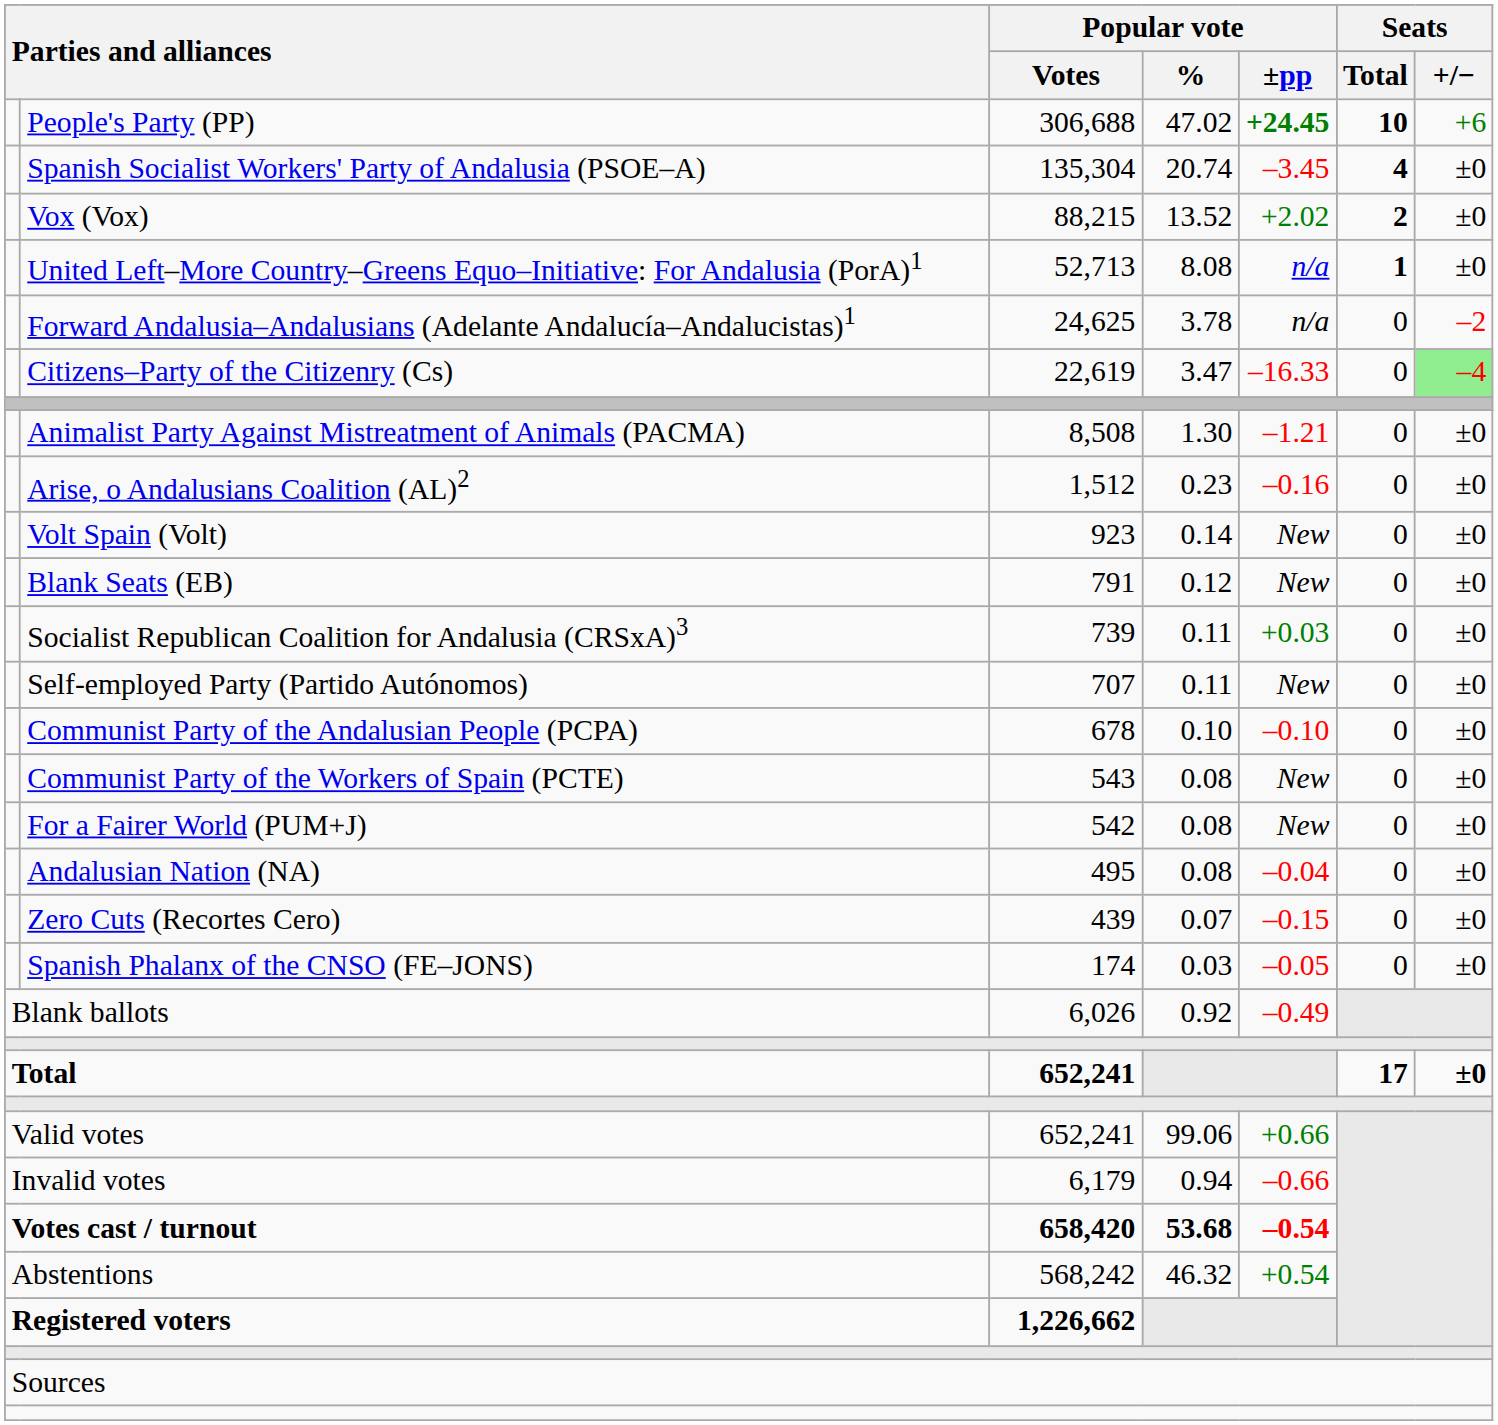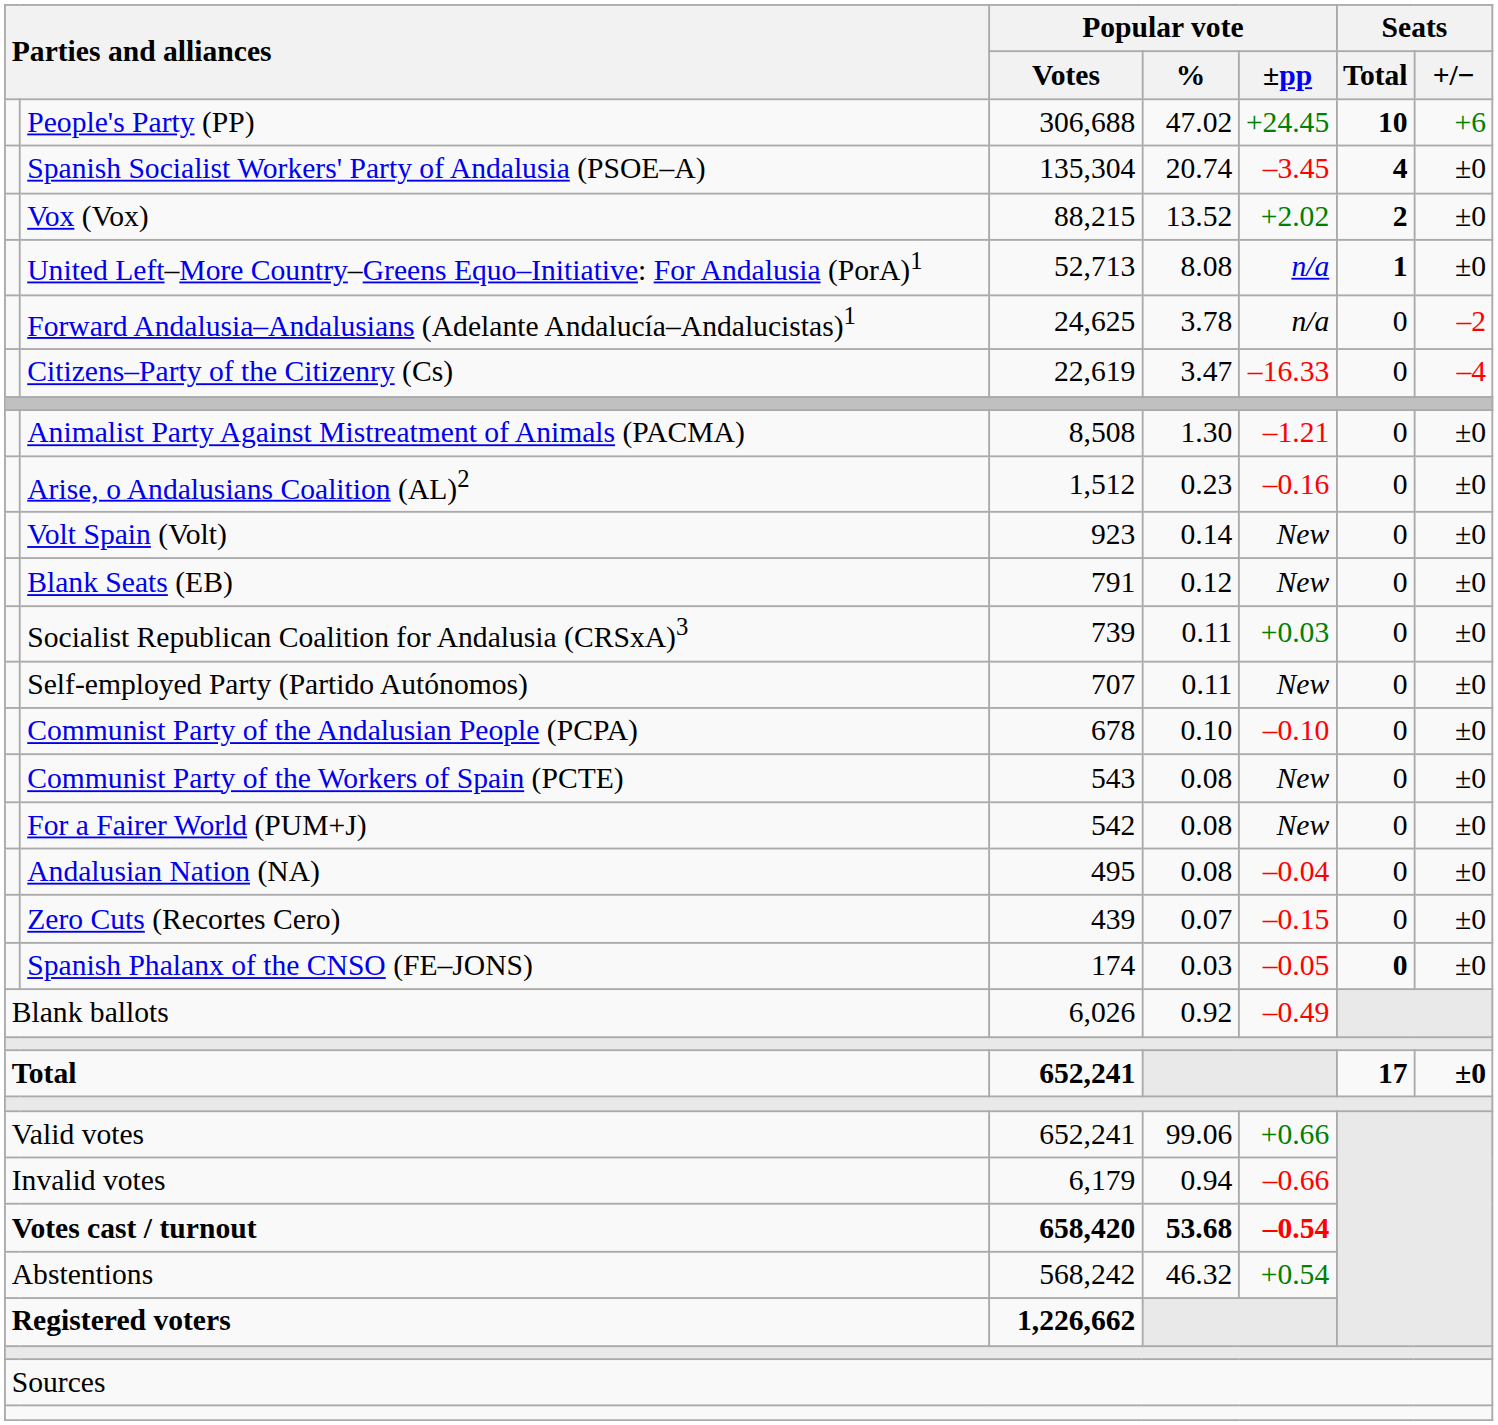 <table class="wikitable" style="text-align:right;">
 <tr>
 <th style="text-align:left;" rowspan="2" colspan="2" width="525">Parties and alliances</th>
 <th colspan="3">Popular vote</th>
 <th colspan="2">Seats</th>
 </tr>
 <tr>
 <th width="75">Votes</th>
 <th width="45">%</th>
 <th width="45">±<a href='#'>pp</a></th>
 <th width="35">Total</th>
 <th width="35">+/−</th>
 </tr>
 <tr>
 <td width="1" style="color:inherit;background:"></td>
 <td align="left"><a href='#'>People's Party</a> (PP)</td>
 <td>306,688</td>
 <td>47.02</td>
-<td style="color:green;"><strong>+24.45</strong></td>
+<td style="color:green;">+24.45</td>
 <td><strong>10</strong></td>
 <td style="color:green;">+6</td>
 </tr>
 <tr>
 <td style="color:inherit;background:"></td>
 <td align="left"><a href='#'>Spanish Socialist Workers' Party of Andalusia</a> (PSOE–A)</td>
 <td>135,304</td>
 <td>20.74</td>
 <td style="color:red;">–3.45</td>
 <td><strong>4</strong></td>
 <td>±0</td>
 </tr>
 <tr>
 <td style="color:inherit;background:"></td>
 <td align="left"><a href='#'>Vox</a> (Vox)</td>
 <td>88,215</td>
 <td>13.52</td>
 <td style="color:green;">+2.02</td>
 <td><strong>2</strong></td>
 <td>±0</td>
 </tr>
 <tr>
 <td style="color:inherit;background:"></td>
 <td align="left"><a href='#'>United Left</a>–<a href='#'>More Country</a>–<a href='#'>Greens Equo–Initiative</a>: <a href='#'>For Andalusia</a> (PorA)<sup>1</sup></td>
 <td>52,713</td>
 <td>8.08</td>
 <td><em><a href='#'>n/a</a></em></td>
 <td><strong>1</strong></td>
 <td>±0</td>
 </tr>
 <tr>
 <td style="color:inherit;background:"></td>
 <td align="left"><a href='#'>Forward Andalusia–Andalusians</a> (Adelante Andalucía–Andalucistas)<sup>1</sup></td>
 <td>24,625</td>
 <td>3.78</td>
 <td><em>n/a</em></td>
 <td>0</td>
 <td style="color:red;">–2</td>
 </tr>
 <tr>
 <td style="color:inherit;background:"></td>
 <td align="left"><a href='#'>Citizens–Party of the Citizenry</a> (Cs)</td>
 <td>22,619</td>
 <td>3.47</td>
 <td style="color:red;">–16.33</td>
 <td>0</td>
-<td style="background: lightgreen; color:red;">–4</td>
+<td style="color:red;">–4</td>
 </tr>
 <tr>
 <td colspan="7" bgcolor="#C0C0C0"></td>
 </tr>
 <tr>
 <td style="color:inherit;background:"></td>
 <td align="left"><a href='#'>Animalist Party Against Mistreatment of Animals</a> (PACMA)</td>
 <td>8,508</td>
 <td>1.30</td>
 <td style="color:red;">–1.21</td>
 <td>0</td>
 <td>±0</td>
 </tr>
 <tr>
 <td style="color:inherit;background:"></td>
 <td align="left"><a href='#'>Arise, o Andalusians Coalition</a> (AL)<sup>2</sup></td>
 <td>1,512</td>
 <td>0.23</td>
 <td style="color:red;">–0.16</td>
 <td>0</td>
 <td>±0</td>
 </tr>
 <tr>
 <td style="color:inherit;background:"></td>
 <td align="left"><a href='#'>Volt Spain</a> (Volt)</td>
 <td>923</td>
 <td>0.14</td>
 <td><em>New</em></td>
 <td>0</td>
 <td>±0</td>
 </tr>
 <tr>
 <td style="color:inherit;background:"></td>
 <td align="left"><a href='#'>Blank Seats</a> (EB)</td>
 <td>791</td>
 <td>0.12</td>
 <td><em>New</em></td>
 <td>0</td>
 <td>±0</td>
 </tr>
 <tr>
 <td style="color:inherit;background:"></td>
 <td align="left">Socialist Republican Coalition for Andalusia (CRSxA)<sup>3</sup></td>
 <td>739</td>
 <td>0.11</td>
 <td style="color:green;">+0.03</td>
 <td>0</td>
 <td>±0</td>
 </tr>
 <tr>
 <td style="color:inherit;background:"></td>
 <td align="left">Self-employed Party (Partido Autónomos)</td>
 <td>707</td>
 <td>0.11</td>
 <td><em>New</em></td>
 <td>0</td>
 <td>±0</td>
 </tr>
 <tr>
 <td style="color:inherit;background:"></td>
 <td align="left"><a href='#'>Communist Party of the Andalusian People</a> (PCPA)</td>
 <td>678</td>
 <td>0.10</td>
 <td style="color:red;">–0.10</td>
 <td>0</td>
 <td>±0</td>
 </tr>
 <tr>
 <td style="color:inherit;background:"></td>
 <td align="left"><a href='#'>Communist Party of the Workers of Spain</a> (PCTE)</td>
 <td>543</td>
 <td>0.08</td>
 <td><em>New</em></td>
 <td>0</td>
 <td>±0</td>
 </tr>
 <tr>
 <td style="color:inherit;background:"></td>
 <td align="left"><a href='#'>For a Fairer World</a> (PUM+J)</td>
 <td>542</td>
 <td>0.08</td>
 <td><em>New</em></td>
 <td>0</td>
 <td>±0</td>
 </tr>
 <tr>
 <td style="color:inherit;background:"></td>
 <td align="left"><a href='#'>Andalusian Nation</a> (NA)</td>
 <td>495</td>
 <td>0.08</td>
 <td style="color:red;">–0.04</td>
 <td>0</td>
 <td>±0</td>
 </tr>
 <tr>
 <td style="color:inherit;background:"></td>
 <td align="left"><a href='#'>Zero Cuts</a> (Recortes Cero)</td>
 <td>439</td>
 <td>0.07</td>
 <td style="color:red;">–0.15</td>
 <td>0</td>
 <td>±0</td>
 </tr>
 <tr>
 <td style="color:inherit;background:"></td>
 <td align="left"><a href='#'>Spanish Phalanx of the CNSO</a> (FE–JONS)</td>
 <td>174</td>
 <td>0.03</td>
 <td style="color:red;">–0.05</td>
-<td>0</td>
+<td><strong>0</strong></td>
 <td>±0</td>
 </tr>
 <tr>
 <td align="left" colspan="2">Blank ballots</td>
 <td>6,026</td>
 <td>0.92</td>
 <td style="color:red;">–0.49</td>
 <td bgcolor="#E9E9E9" colspan="2"></td>
 </tr>
 <tr>
 <td colspan="7" bgcolor="#E9E9E9"></td>
 </tr>
 <tr style="font-weight:bold;">
 <td align="left" colspan="2">Total</td>
 <td>652,241</td>
 <td bgcolor="#E9E9E9" colspan="2"></td>
 <td>17</td>
 <td>±0</td>
 </tr>
 <tr>
 <td colspan="7" bgcolor="#E9E9E9"></td>
 </tr>
 <tr>
 <td align="left" colspan="2">Valid votes</td>
 <td>652,241</td>
 <td>99.06</td>
 <td style="color:green;">+0.66</td>
 <td bgcolor="#E9E9E9" colspan="2" rowspan="5"></td>
 </tr>
 <tr>
 <td align="left" colspan="2">Invalid votes</td>
 <td>6,179</td>
 <td>0.94</td>
 <td style="color:red;">–0.66</td>
 </tr>
 <tr style="font-weight:bold;">
 <td align="left" colspan="2">Votes cast / turnout</td>
 <td>658,420</td>
 <td>53.68</td>
 <td style="color:red;">–0.54</td>
 </tr>
 <tr>
 <td align="left" colspan="2">Abstentions</td>
 <td>568,242</td>
 <td>46.32</td>
 <td style="color:green;">+0.54</td>
 </tr>
 <tr style="font-weight:bold;">
 <td align="left" colspan="2">Registered voters</td>
 <td>1,226,662</td>
 <td bgcolor="#E9E9E9" colspan="2"></td>
 </tr>
 <tr>
 <td colspan="7" bgcolor="#E9E9E9"></td>
 </tr>
 <tr>
 <td align="left" colspan="7">Sources</td>
 </tr>
 <tr>
 <td colspan="7" style="text-align:left; max-width:790px;"></td>
 </tr>
 </table>
